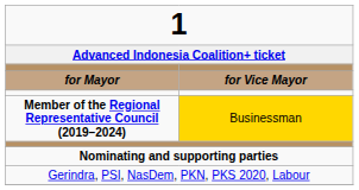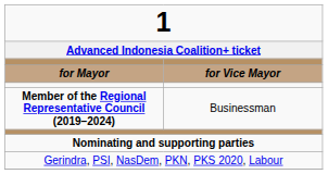 <table class="wikitable" style="font-size:90%; text-align:center;">
 <tr>
 <td colspan=2><big><big><big><big><big><strong>1</strong></big></big></big></big></big></td>
 </tr>
 <tr>
 <td colspan="2" style="background:#f1f1f1;"><strong><a href='#'>Advanced Indonesia Coalition+ ticket</a></strong></td>
 </tr>
 <tr>
 <th style="width:3em; font-size:135%; background:#B79164; width:200px;"><a href='#'></a></th>
 <th style="width:3em; font-size:135%; background:#B79164; width:200px;"><a href='#'></a></th>
 </tr>
 <tr style="color:#000; font-size:100%; background:#C4A484;">
 <td style="width:3em; width:200px;"><strong><em>for Mayor</em></strong></td>
 <td style="width:3em; width:200px;"><strong><em>for Vice Mayor</em></strong></td>
 </tr>
 <tr>
 <td></td>
 <td></td>
 </tr>
 <tr>
 <td><strong>Member of the <a href='#'>Regional Representative Council</a> (2019–2024)</strong></td>
-<td style="background: gold;">Businessman</td>
+<td>Businessman</td>
 </tr>
 <tr>
 <td colspan="2" bgcolor="#B79164"></td>
 </tr>
 <tr>
 <td colspan="2"><strong>Nominating and supporting parties</strong></td>
 </tr>
 <tr>
 <td colspan="2"><a href='#'>Gerindra</a>, <a href='#'>PSI</a>, <a href='#'>NasDem</a>, <a href='#'>PKN</a>, <a href='#'>PKS 2020</a>, <a href='#'>Labour</a></td>
 </tr>
 <tr>
 </tr>
 </table>
